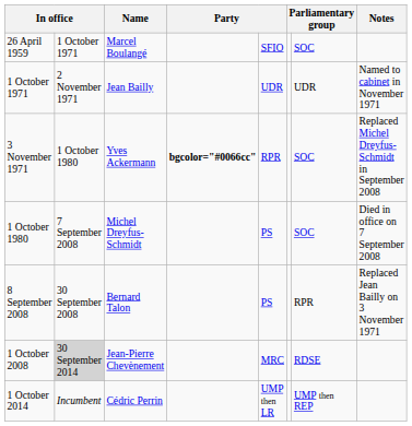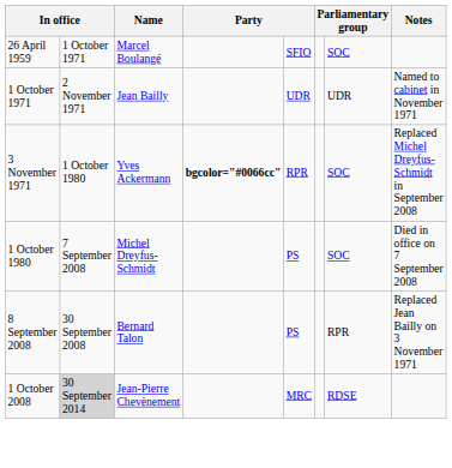 <table class="wikitable">
 <tr>
 <th colspan="2">In office</th>
 <th>Name</th>
 <th colspan="2">Party</th>
 <th colspan="2">Parliamentary group</th>
 <th>Notes</th>
 </tr>
 <tr>
 <td>26 April 1959</td>
 <td>1 October 1971</td>
 <td><a href='#'>Marcel Boulangé</a></td>
 <td></td>
 <td><a href='#'>SFIO</a></td>
 <td></td>
 <td><a href='#'>SOC</a></td>
 <td></td>
 </tr>
 <tr>
 <td>1 October 1971</td>
 <td>2 November 1971</td>
 <td><a href='#'>Jean Bailly</a></td>
 <td></td>
 <td><a href='#'>UDR</a></td>
 <td></td>
 <td>UDR</td>
 <td>Named to <a href='#'>cabinet</a> in November 1971</td>
 </tr>
 <tr>
 <td>3 November 1971</td>
 <td>1 October 1980</td>
 <td><a href='#'>Yves Ackermann</a></td>
 <td><strong>bgcolor="#0066cc"</strong></td>
 <td><a href='#'>RPR</a></td>
 <td></td>
 <td><a href='#'>SOC</a></td>
 <td>Replaced <a href='#'>Michel Dreyfus-Schmidt</a> in September 2008</td>
 </tr>
 <tr>
 <td>1 October 1980</td>
 <td>7 September 2008</td>
 <td><a href='#'>Michel Dreyfus-Schmidt</a></td>
 <td></td>
 <td><a href='#'>PS</a></td>
 <td></td>
 <td><a href='#'>SOC</a></td>
 <td>Died in office on 7 September 2008</td>
 </tr>
 <tr>
 <td>8 September 2008</td>
 <td>30 September 2008</td>
 <td><a href='#'>Bernard Talon</a></td>
 <td></td>
 <td><a href='#'>PS</a></td>
 <td></td>
 <td>RPR</td>
 <td>Replaced Jean Bailly on 3 November 1971</td>
 </tr>
 <tr>
 <td>1 October 2008</td>
 <td style="background: lightgrey;">30 September 2014</td>
 <td><a href='#'>Jean-Pierre Chevènement</a></td>
 <td></td>
 <td><a href='#'>MRC</a></td>
 <td></td>
 <td><a href='#'>RDSE</a></td>
 <td></td>
 </tr>
-<tr>
-<td>1 October 2014</td>
-<td><em>Incumbent</em></td>
-<td><a href='#'>Cédric Perrin</a></td>
-<td></td>
-<td><a href='#'>UMP</a> <small>then</small> <a href='#'>LR</a></td>
-<td></td>
-<td><a href='#'>UMP</a> <small>then</small> <a href='#'>REP</a></td>
-<td></td>
-</tr>
 </table>
